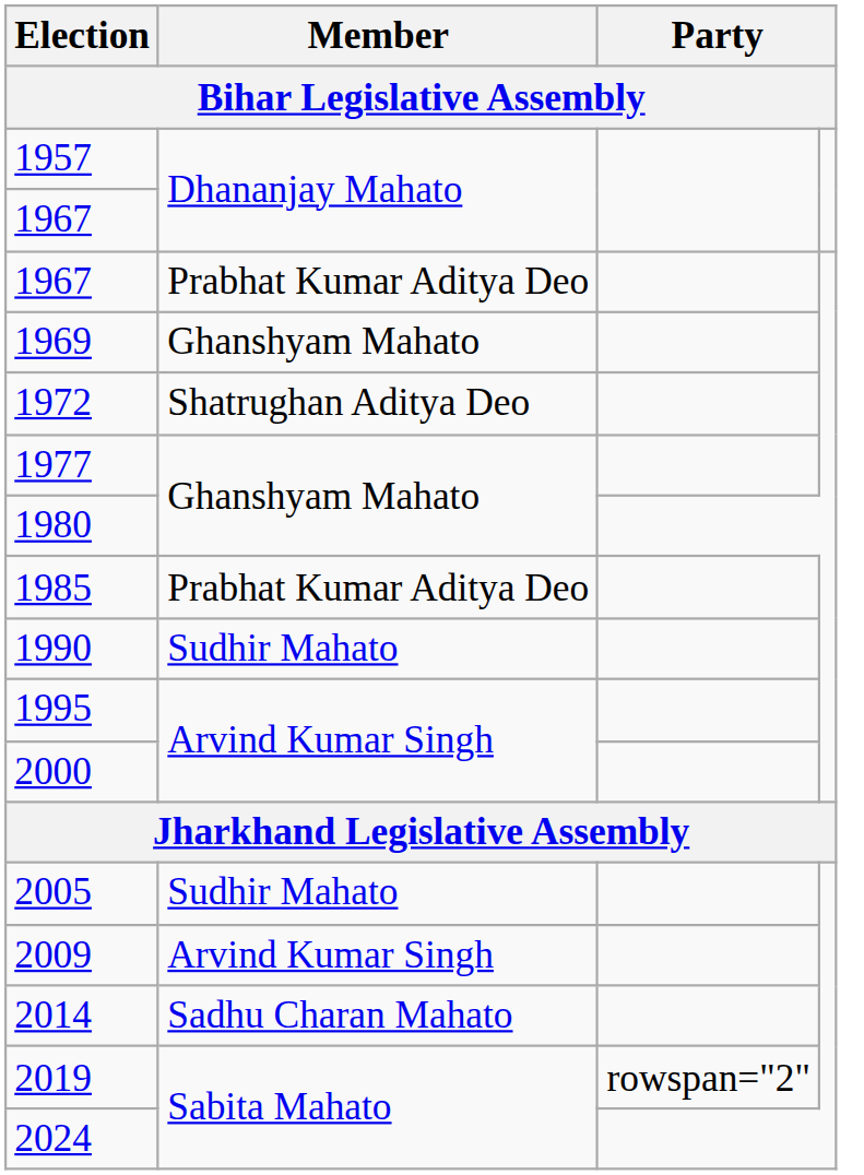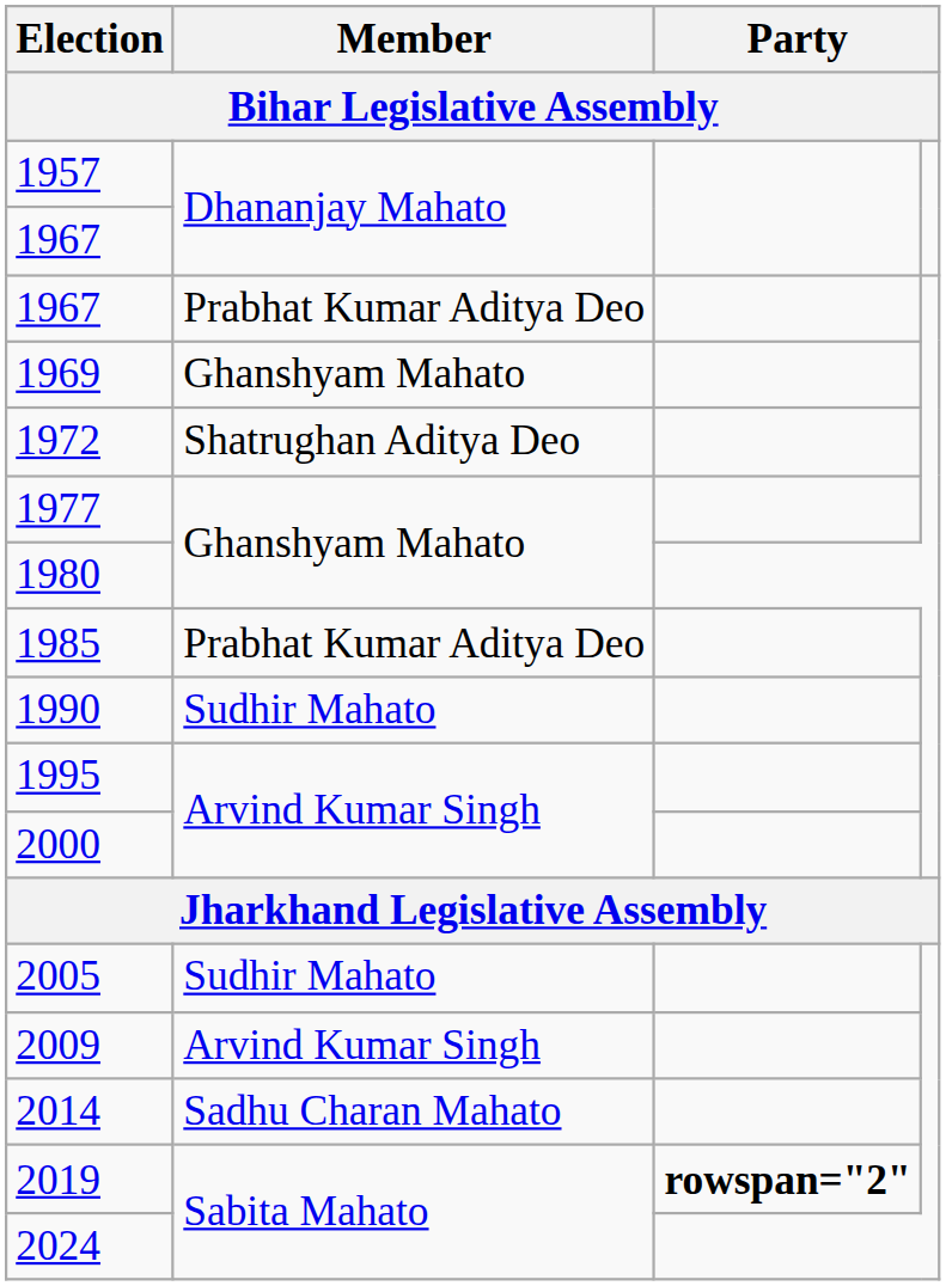 <table class="wikitable sortable">
 <tr>
 <th>Election</th>
 <th>Member</th>
 <th colspan=2>Party</th>
 </tr>
 <tr>
 <th colspan="4"><a href='#'>Bihar Legislative Assembly</a></th>
 </tr>
 <tr>
 <td><a href='#'>1957</a></td>
 <td rowspan="2"><a href='#'>Dhananjay Mahato</a></td>
 <td rowspan="2"></td>
 <td rowspan="2"></td>
 </tr>
 <tr>
 <td><a href='#'>1967</a></td>
 </tr>
 <tr>
 <td><a href='#'>1967</a></td>
 <td>Prabhat Kumar Aditya Deo</td>
 <td></td>
 </tr>
 <tr>
 <td><a href='#'>1969</a></td>
 <td>Ghanshyam Mahato</td>
 <td></td>
 </tr>
 <tr>
 <td><a href='#'>1972</a></td>
 <td>Shatrughan Aditya Deo</td>
 <td></td>
 </tr>
 <tr>
 <td><a href='#'>1977</a></td>
 <td rowspan="2">Ghanshyam Mahato</td>
 <td></td>
 </tr>
 <tr>
 <td><a href='#'>1980</a></td>
 </tr>
 <tr>
 <td><a href='#'>1985</a></td>
 <td>Prabhat Kumar Aditya Deo</td>
 <td></td>
 </tr>
 <tr>
 <td><a href='#'>1990</a></td>
 <td><a href='#'>Sudhir Mahato</a></td>
 <td></td>
 </tr>
 <tr>
 <td><a href='#'>1995</a></td>
 <td rowspan="2"><a href='#'>Arvind Kumar Singh</a></td>
 <td></td>
 </tr>
 <tr>
 <td><a href='#'>2000</a></td>
 <td></td>
 </tr>
 <tr>
 <th colspan=4><a href='#'>Jharkhand Legislative Assembly</a></th>
 </tr>
 <tr>
 <td><a href='#'>2005</a></td>
 <td><a href='#'>Sudhir Mahato</a></td>
 <td></td>
 </tr>
 <tr>
 <td><a href='#'>2009</a></td>
 <td><a href='#'>Arvind Kumar Singh</a></td>
 <td></td>
 </tr>
 <tr>
 <td><a href='#'>2014</a></td>
 <td><a href='#'>Sadhu Charan Mahato</a></td>
 <td></td>
 </tr>
 <tr>
 <td><a href='#'>2019</a></td>
 <td rowspan="2"><a href='#'>Sabita Mahato</a></td>
-<td>rowspan="2" </td>
+<td><strong>rowspan="2" </strong></td>
 </tr>
 <tr>
 <td><a href='#'>2024</a></td>
 </tr>
 </table>
